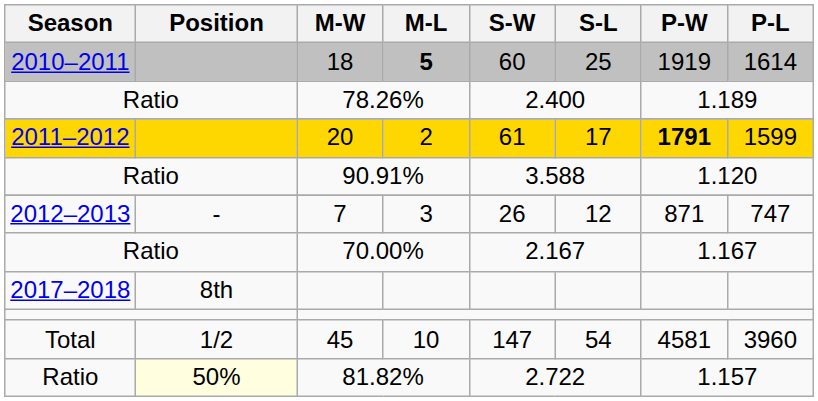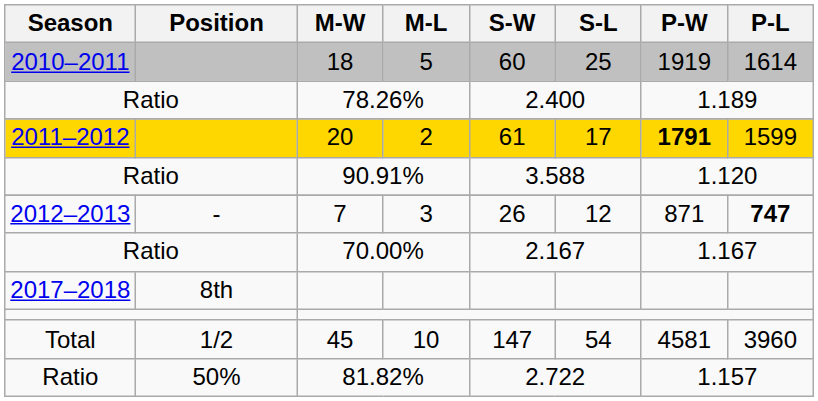 <table class="wikitable" style="text-align: center;">
 <tr>
 <th>Season</th>
 <th width="100">Position</th>
 <th width="50">M-W</th>
 <th width="50">M-L</th>
 <th width="50">S-W</th>
 <th width="50">S-L</th>
 <th width="50">P-W</th>
 <th width="50">P-L</th>
 </tr>
 <tr bgcolor=silver>
 <td><a href='#'>2010–2011</a></td>
 <td></td>
 <td>18</td>
-<td><strong>5</strong></td>
+<td>5</td>
 <td>60</td>
 <td>25</td>
 <td>1919</td>
 <td>1614</td>
 </tr>
 <tr>
 <td colspan=2>Ratio</td>
 <td colspan=2>78.26%</td>
 <td colspan=2>2.400</td>
 <td colspan=2>1.189</td>
 </tr>
 <tr>
 </tr>
 <tr bgcolor=gold>
 <td><a href='#'>2011–2012</a></td>
 <td></td>
 <td>20</td>
 <td>2</td>
 <td>61</td>
 <td>17</td>
 <td><strong>1791</strong></td>
 <td>1599</td>
 </tr>
 <tr>
 <td colspan=2>Ratio</td>
 <td colspan=2>90.91%</td>
 <td colspan=2>3.588</td>
 <td colspan=2>1.120</td>
 </tr>
 <tr>
 </tr>
 <tr bgcolor=>
 <td><a href='#'>2012–2013</a></td>
 <td>-</td>
 <td>7</td>
 <td>3</td>
 <td>26</td>
 <td>12</td>
 <td>871</td>
-<td>747</td>
+<td><strong>747</strong></td>
 </tr>
 <tr>
 <td colspan=2>Ratio</td>
 <td colspan=2>70.00%</td>
 <td colspan=2>2.167</td>
 <td colspan=2>1.167</td>
 </tr>
 <tr bgcolor=>
 <td><a href='#'>2017–2018</a></td>
 <td>8th</td>
 <td></td>
 <td></td>
 <td></td>
 <td></td>
 <td></td>
 <td></td>
 </tr>
 <tr>
 <td colspan=2></td>
 </tr>
 <tr>
 <td>Total</td>
 <td>1/2</td>
 <td>45</td>
 <td>10</td>
 <td>147</td>
 <td>54</td>
 <td>4581</td>
 <td>3960</td>
 </tr>
 <tr>
 <td>Ratio</td>
-<td style="background: lightyellow;">50%</td>
+<td>50%</td>
 <td colspan=2>81.82%</td>
 <td colspan=2>2.722</td>
 <td colspan=2>1.157</td>
 </tr>
 </table>
